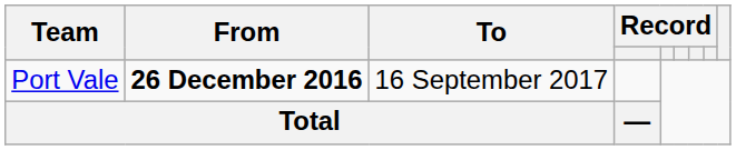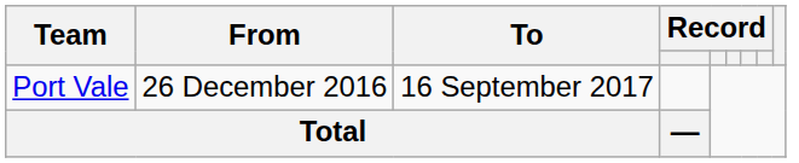 <table class=wikitable style="text-align: center">
 <tr>
 <th rowspan=2>Team</th>
 <th rowspan=2>From</th>
 <th rowspan=2>To</th>
 <th colspan=5>Record</th>
 <th rowspan=2></th>
 </tr>
 <tr>
 <th></th>
 <th></th>
 <th></th>
 <th></th>
 <th></th>
 </tr>
 <tr>
 <td align=left><a href='#'>Port Vale</a></td>
-<td align=left><strong>26 December 2016</strong></td>
+<td align=left>26 December 2016</td>
 <td align=left>16 September 2017<br></td>
 <td></td>
 </tr>
 <tr>
 <th colspan=3>Total<br></th>
 <th>—</th>
 </tr>
 </table>
